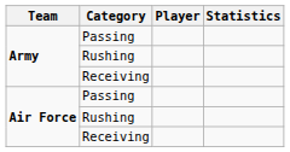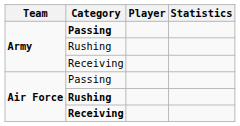 <table class="wikitable" style="float: right;">
 <tr>
 <th>Team</th>
 <th>Category</th>
 <th>Player</th>
 <th>Statistics</th>
 </tr>
 <tr>
 <td rowspan=3><strong>Army</strong></td>
-<td>Passing</td>
+<td><strong>Passing</strong></td>
 <td></td>
 <td></td>
 </tr>
 <tr>
 <td>Rushing</td>
 <td></td>
 <td></td>
 </tr>
 <tr>
 <td>Receiving</td>
 <td></td>
 <td></td>
 </tr>
 <tr>
 <td rowspan=3><strong>Air Force</strong></td>
 <td>Passing</td>
 <td></td>
 <td></td>
 </tr>
 <tr>
-<td>Rushing</td>
+<td><strong>Rushing</strong></td>
 <td></td>
 <td></td>
 </tr>
 <tr>
-<td>Receiving</td>
+<td><strong>Receiving</strong></td>
 <td></td>
 <td></td>
 </tr>
 </table>
